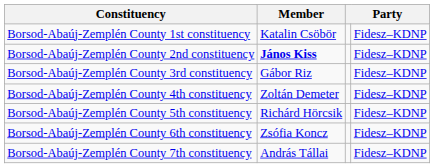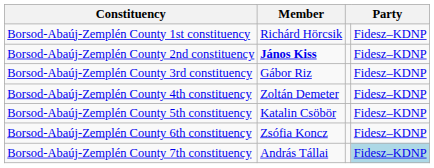 <table class="wikitable">
 <tr>
 <th>Constituency</th>
 <th>Member</th>
 <th colspan="2">Party</th>
 </tr>
 <tr>
 <td><a href='#'>Borsod-Abaúj-Zemplén County 1st constituency</a></td>
-<td><a href='#'>Katalin Csöbör</a></td>
+<td><a href='#'>Richárd Hörcsik</a></td>
 <td style="background-color: "></td>
 <td><a href='#'>Fidesz–KDNP</a></td>
 </tr>
 <tr>
 <td><a href='#'>Borsod-Abaúj-Zemplén County 2nd constituency</a></td>
 <td><strong><a href='#'>János Kiss</a></strong></td>
 <td style="background-color: "></td>
 <td><a href='#'>Fidesz–KDNP</a></td>
 </tr>
 <tr>
 <td><a href='#'>Borsod-Abaúj-Zemplén County 3rd constituency</a></td>
 <td><a href='#'>Gábor Riz</a></td>
 <td style="background-color: "></td>
 <td><a href='#'>Fidesz–KDNP</a></td>
 </tr>
 <tr>
 <td><a href='#'>Borsod-Abaúj-Zemplén County 4th constituency</a></td>
 <td><a href='#'>Zoltán Demeter</a></td>
 <td style="background-color: "></td>
 <td><a href='#'>Fidesz–KDNP</a></td>
 </tr>
 <tr>
 <td><a href='#'>Borsod-Abaúj-Zemplén County 5th constituency</a></td>
-<td><a href='#'>Richárd Hörcsik</a></td>
+<td><a href='#'>Katalin Csöbör</a></td>
 <td style="background-color: "></td>
 <td><a href='#'>Fidesz–KDNP</a></td>
 </tr>
 <tr>
 <td><a href='#'>Borsod-Abaúj-Zemplén County 6th constituency</a></td>
 <td><a href='#'>Zsófia Koncz</a></td>
 <td style="background-color: "></td>
 <td><a href='#'>Fidesz–KDNP</a></td>
 </tr>
 <tr>
 <td><a href='#'>Borsod-Abaúj-Zemplén County 7th constituency</a></td>
 <td><a href='#'>András Tállai</a></td>
 <td style="background-color: "></td>
-<td><a href='#'>Fidesz–KDNP</a></td>
+<td style="background: lightblue;"><a href='#'>Fidesz–KDNP</a></td>
 </tr>
 </table>
